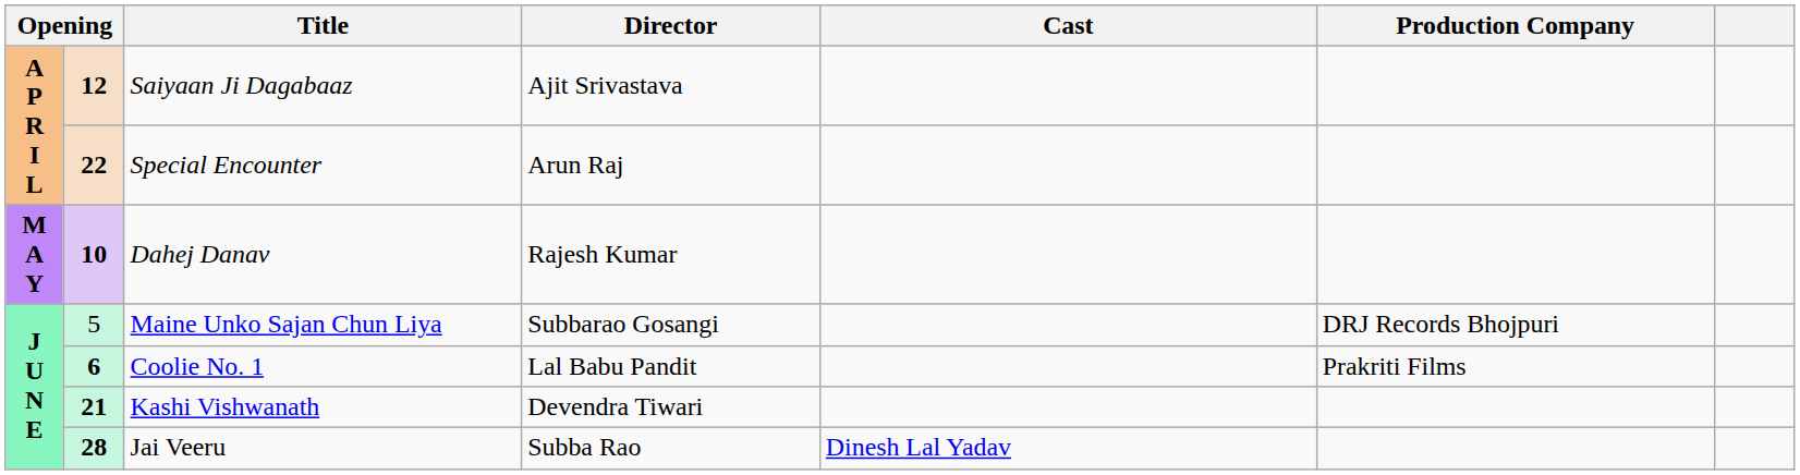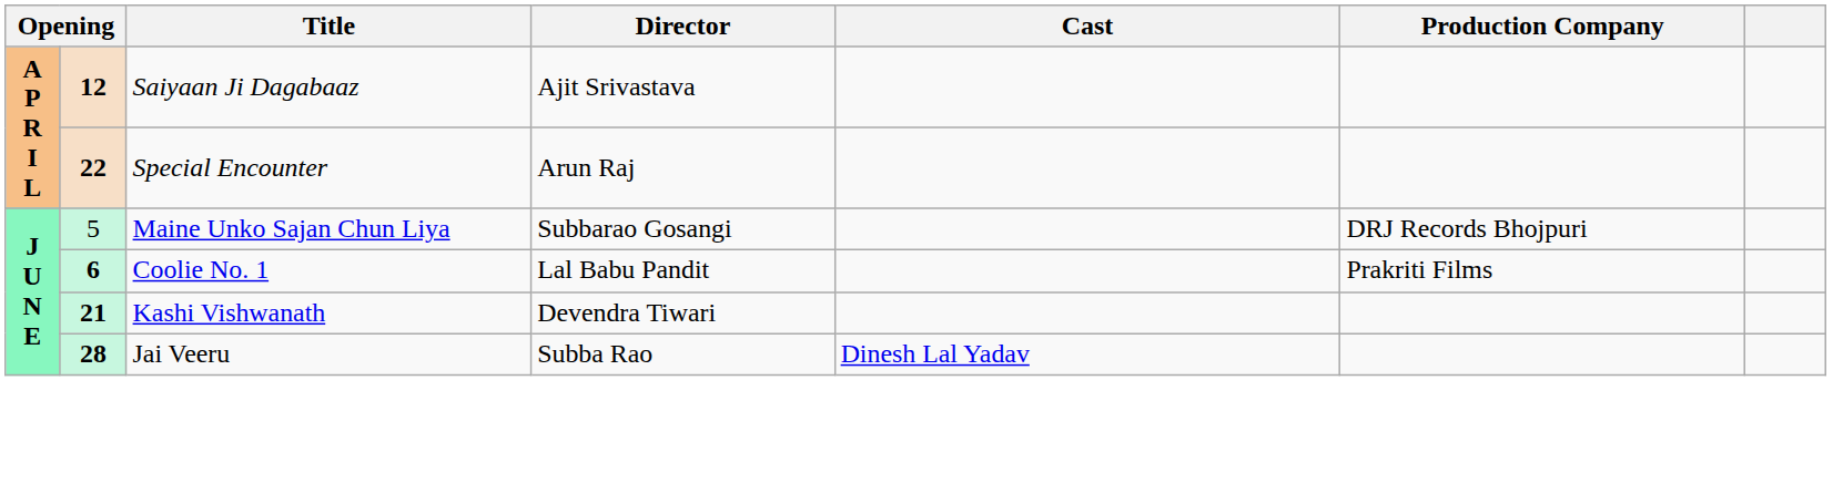 <table class="wikitable sortable">
 <tr>
 <th colspan="2" style="width:6%;"><strong>Opening</strong></th>
 <th style="width:20%;"><strong>Title</strong></th>
 <th style="width:15%;"><strong>Director</strong></th>
 <th style="width:25%;"><strong>Cast</strong></th>
 <th style="width:20%;">Production Company</th>
 <th style="width:4%;"><strong></strong></th>
 </tr>
 <tr>
 <th rowspan="2" style="text-align:center; background:#f7bf87; text color:#000;">A<br>P<br>R<br>I<br>L</th>
 <td rowspan="1" style="text-align:center; background:#f7dfc7"><strong>12</strong></td>
 <td><em>Saiyaan Ji Dagabaaz</em></td>
 <td>Ajit Srivastava</td>
 <td></td>
 <td></td>
 <td></td>
 </tr>
 <tr>
 <td rowspan="1" style="text-align:center; background:#f7dfc7"><strong>22</strong></td>
 <td><em>Special Encounter</em></td>
 <td>Arun Raj</td>
-<td></td>
-<td></td>
-<td></td>
-</tr>
-<tr>
-<th rowspan="1" style="text-align:center; background:#bf87f7; text color:#000;">M<br>A<br>Y</th>
-<td style="text-align:center; background:#dfc7f7"><strong>10</strong></td>
-<td><em>Dahej Danav</em></td>
-<td>Rajesh Kumar</td>
 <td></td>
 <td></td>
 <td></td>
 </tr>
 <tr>
 <th rowspan="4" style="text-align:center; background:#87f7bf; text color:#000;">J<br>U<br>N<br>E</th>
 <td rowspan="1" style="text-align:center; background:#c7f7df">5</td>
 <td><a href='#'>Maine Unko Sajan Chun Liya</a></td>
 <td>Subbarao Gosangi</td>
 <td></td>
 <td>DRJ Records Bhojpuri</td>
 <td></td>
 </tr>
 <tr>
 <td rowspan="1" style="text-align:center; background:#c7f7df"><strong>6</strong></td>
 <td><a href='#'>Coolie No. 1</a></td>
 <td>Lal Babu Pandit</td>
 <td></td>
 <td>Prakriti Films</td>
 <td></td>
 </tr>
 <tr>
 <td rowspan="1" style="text-align:center; background:#c7f7df"><strong>21</strong></td>
 <td><a href='#'>Kashi Vishwanath</a></td>
 <td>Devendra Tiwari</td>
 <td></td>
 <td></td>
 <td></td>
 </tr>
 <tr>
 <td rowspan="1" style="text-align:center; background:#c7f7df"><strong>28</strong></td>
 <td>Jai Veeru</td>
 <td>Subba Rao</td>
 <td><a href='#'>Dinesh Lal Yadav</a></td>
 <td></td>
 <td></td>
 </tr>
 </table>
